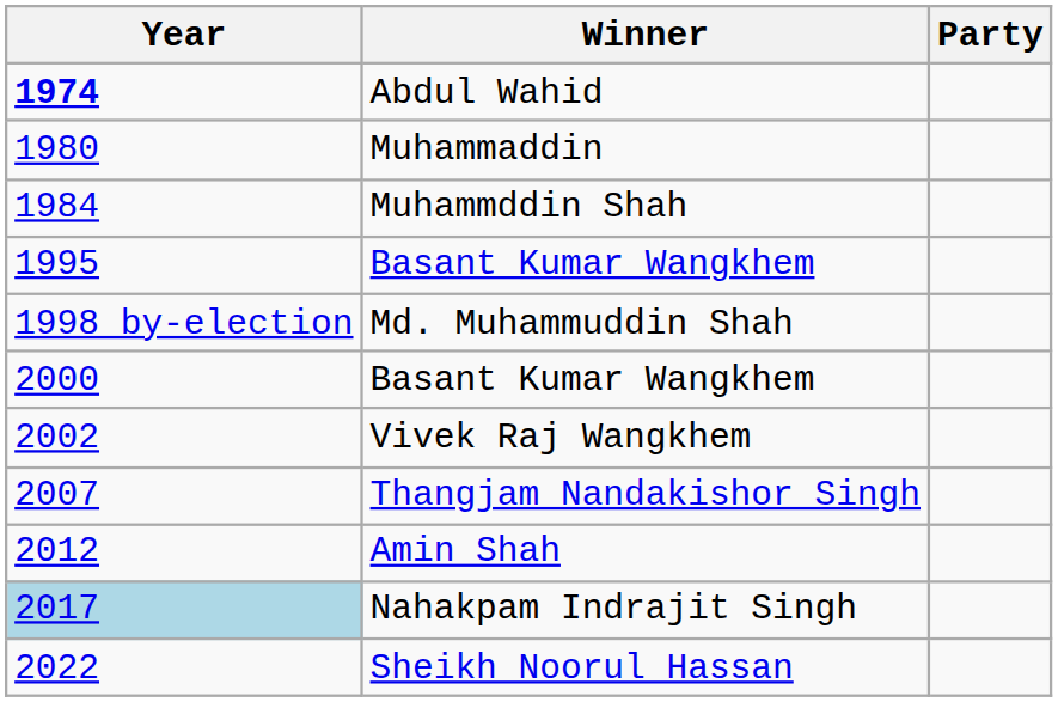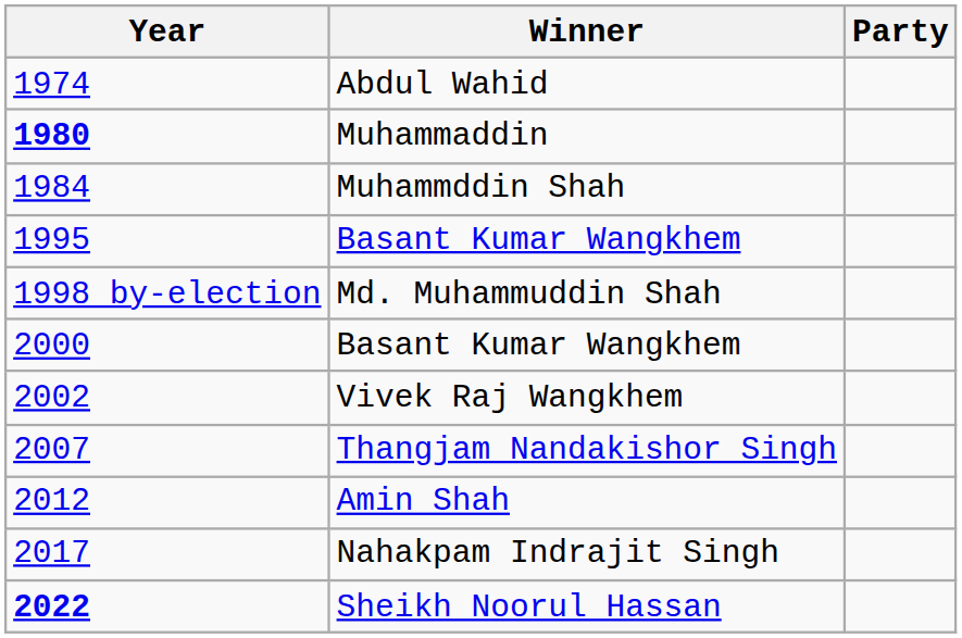 <table class="wikitable sortable">
 <tr>
 <th>Year</th>
 <th>Winner</th>
 <th colspan="2">Party</th>
 </tr>
 <tr>
-<td><strong><a href='#'>1974</a></strong></td>
+<td><a href='#'>1974</a></td>
 <td>Abdul Wahid</td>
 <td></td>
 </tr>
 <tr>
-<td><a href='#'>1980</a></td>
+<td><strong><a href='#'>1980</a></strong></td>
 <td>Muhammaddin</td>
 <td></td>
 </tr>
 <tr>
 <td><a href='#'>1984</a></td>
 <td>Muhammddin Shah</td>
 <td></td>
 </tr>
 <tr>
 <td><a href='#'>1995</a></td>
 <td><a href='#'>Basant Kumar Wangkhem</a></td>
 <td></td>
 </tr>
 <tr>
 <td><a href='#'>1998 by-election</a></td>
 <td>Md. Muhammuddin Shah</td>
 <td></td>
 </tr>
 <tr>
 <td><a href='#'>2000</a></td>
 <td>Basant Kumar Wangkhem</td>
 <td></td>
 </tr>
 <tr>
 <td><a href='#'>2002</a></td>
 <td>Vivek Raj Wangkhem</td>
 <td></td>
 </tr>
 <tr>
 <td><a href='#'>2007</a></td>
 <td><a href='#'>Thangjam Nandakishor Singh</a></td>
 <td></td>
 </tr>
 <tr>
 <td><a href='#'>2012</a></td>
 <td><a href='#'>Amin Shah</a></td>
 <td></td>
 </tr>
 <tr>
-<td style="background: lightblue;"><a href='#'>2017</a></td>
+<td><a href='#'>2017</a></td>
 <td>Nahakpam Indrajit Singh</td>
 <td></td>
 </tr>
 <tr>
-<td><a href='#'>2022</a></td>
+<td><strong><a href='#'>2022</a></strong></td>
 <td><a href='#'>Sheikh Noorul Hassan</a></td>
 <td></td>
 </tr>
 </table>
